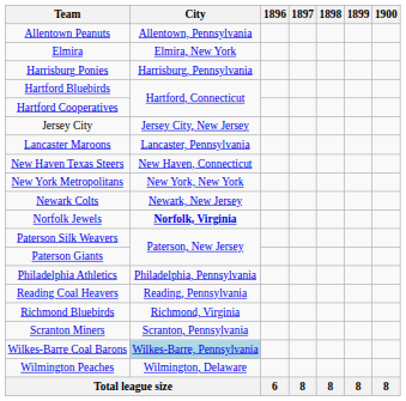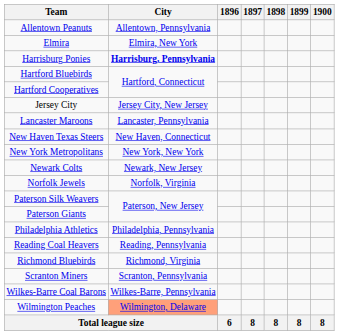 <table class="wikitable" style="text-align:center; font-size: 95%;">
 <tr>
 <th>Team</th>
 <th>City</th>
 <th>1896</th>
 <th>1897</th>
 <th>1898</th>
 <th>1899</th>
 <th>1900</th>
 </tr>
 <tr>
 <td><a href='#'>Allentown Peanuts</a></td>
 <td><a href='#'>Allentown, Pennsylvania</a></td>
 <td> </td>
 <td> </td>
 <td></td>
 <td></td>
 <td></td>
 </tr>
 <tr>
 <td><a href='#'>Elmira</a></td>
 <td><a href='#'>Elmira, New York</a></td>
 <td> </td>
 <td> </td>
 <td> </td>
 <td> </td>
 <td></td>
 </tr>
 <tr>
 <td><a href='#'>Harrisburg Ponies</a></td>
-<td><a href='#'>Harrisburg, Pennsylvania</a></td>
+<td><strong><a href='#'>Harrisburg, Pennsylvania</a></strong></td>
 <td> </td>
 <td> </td>
 <td> </td>
 <td> </td>
 <td></td>
 </tr>
 <tr>
 <td><a href='#'>Hartford Bluebirds</a></td>
 <td rowspan=2><a href='#'>Hartford, Connecticut</a></td>
 <td></td>
 <td></td>
 <td> </td>
 <td> </td>
 <td> </td>
 </tr>
 <tr>
 <td><a href='#'>Hartford Cooperatives</a></td>
 <td> </td>
 <td> </td>
 <td></td>
 <td> </td>
 <td> </td>
 </tr>
 <tr>
 <td>Jersey City</td>
 <td><a href='#'>Jersey City, New Jersey</a></td>
 <td> </td>
 <td> </td>
 <td> </td>
 <td> </td>
 <td></td>
 </tr>
 <tr>
 <td><a href='#'>Lancaster Maroons</a></td>
 <td><a href='#'>Lancaster, Pennsylvania</a></td>
 <td></td>
 <td></td>
 <td></td>
 <td></td>
 <td> </td>
 </tr>
 <tr>
 <td><a href='#'>New Haven Texas Steers</a></td>
 <td><a href='#'>New Haven, Connecticut</a></td>
 <td></td>
 <td> </td>
 <td> </td>
 <td> </td>
 <td> </td>
 </tr>
 <tr>
 <td><a href='#'>New York Metropolitans</a></td>
 <td><a href='#'>New York, New York</a></td>
 <td></td>
 <td> </td>
 <td> </td>
 <td> </td>
 <td> </td>
 </tr>
 <tr>
 <td><a href='#'>Newark Colts</a></td>
 <td><a href='#'>Newark, New Jersey</a></td>
 <td></td>
 <td></td>
 <td></td>
 <td></td>
 <td></td>
 </tr>
 <tr>
 <td><a href='#'>Norfolk Jewels</a></td>
-<td><strong><a href='#'>Norfolk, Virginia</a></strong></td>
+<td><a href='#'>Norfolk, Virginia</a></td>
 <td> </td>
 <td></td>
 <td></td>
 <td> </td>
 <td> </td>
 </tr>
 <tr>
 <td><a href='#'>Paterson Silk Weavers</a></td>
 <td rowspan=2><a href='#'>Paterson, New Jersey</a></td>
 <td></td>
 <td></td>
 <td></td>
 <td> </td>
 <td> </td>
 </tr>
 <tr>
 <td><a href='#'>Paterson Giants</a></td>
 <td> </td>
 <td> </td>
 <td> </td>
 <td></td>
 <td> </td>
 </tr>
 <tr>
 <td><a href='#'>Philadelphia Athletics</a></td>
 <td><a href='#'>Philadelphia, Pennsylvania</a></td>
 <td></td>
 <td></td>
 <td> </td>
 <td> </td>
 <td></td>
 </tr>
 <tr>
 <td><a href='#'>Reading Coal Heavers</a></td>
 <td><a href='#'>Reading, Pennsylvania</a></td>
 <td> </td>
 <td></td>
 <td></td>
 <td></td>
 <td></td>
 </tr>
 <tr>
 <td><a href='#'>Richmond Bluebirds</a></td>
 <td><a href='#'>Richmond, Virginia</a></td>
 <td> </td>
 <td></td>
 <td></td>
 <td></td>
 <td> </td>
 </tr>
 <tr>
 <td><a href='#'>Scranton Miners</a></td>
 <td><a href='#'>Scranton, Pennsylvania</a></td>
 <td> </td>
 <td> </td>
 <td> </td>
 <td></td>
 <td></td>
 </tr>
 <tr>
 <td><a href='#'>Wilkes-Barre Coal Barons</a></td>
-<td style="background: lightblue;"><a href='#'>Wilkes-Barre, Pennsylvania</a></td>
+<td><a href='#'>Wilkes-Barre, Pennsylvania</a></td>
 <td> </td>
 <td> </td>
 <td> </td>
 <td></td>
 <td></td>
 </tr>
 <tr>
 <td><a href='#'>Wilmington Peaches</a></td>
-<td><a href='#'>Wilmington, Delaware</a></td>
+<td style="background: lightsalmon;"><a href='#'>Wilmington, Delaware</a></td>
 <td></td>
 <td> </td>
 <td> </td>
 <td> </td>
 <td> </td>
 </tr>
 <tr>
 <th colspan=2>Total league size</th>
 <th>6</th>
 <th>8</th>
 <th>8</th>
 <th>8</th>
 <th>8</th>
 </tr>
 </table>
